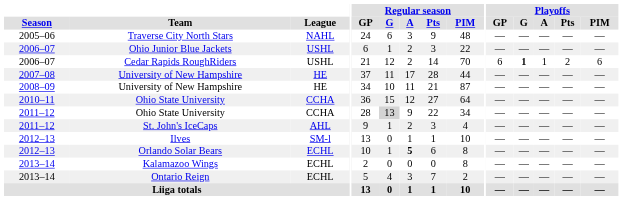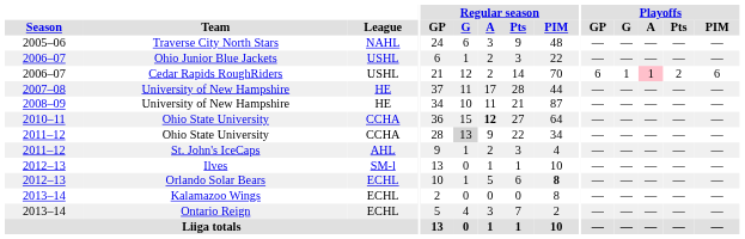 <table border="0" cellpadding="1" cellspacing="0" style="text-align:center; width:60em">
 <tr bgcolor="#e0e0e0">
 <th colspan="3" bgcolor="#ffffff"></th>
 <th rowspan="99" bgcolor="#ffffff"></th>
 <th colspan="5"><a href='#'>Regular season</a></th>
 <th rowspan="99" bgcolor="#ffffff"></th>
 <th colspan="5"><a href='#'>Playoffs</a></th>
 </tr>
 <tr bgcolor="#e0e0e0">
 <th><a href='#'>Season</a></th>
 <th>Team</th>
 <th>League</th>
 <th>GP</th>
 <th><a href='#'>G</a></th>
 <th><a href='#'>A</a></th>
 <th><a href='#'>Pts</a></th>
 <th><a href='#'>PIM</a></th>
 <th>GP</th>
 <th>G</th>
 <th>A</th>
 <th>Pts</th>
 <th>PIM</th>
 </tr>
 <tr>
 <td>2005–06</td>
 <td><a href='#'>Traverse City North Stars</a></td>
 <td><a href='#'>NAHL</a></td>
 <td>24</td>
 <td>6</td>
 <td>3</td>
 <td>9</td>
 <td>48</td>
 <td>—</td>
 <td>—</td>
 <td>—</td>
 <td>—</td>
 <td>—</td>
 </tr>
 <tr style="background:#f0f0f0;">
 <td><a href='#'>2006–07</a></td>
 <td><a href='#'>Ohio Junior Blue Jackets</a></td>
 <td><a href='#'>USHL</a></td>
 <td>6</td>
 <td>1</td>
 <td>2</td>
 <td>3</td>
 <td>22</td>
 <td>—</td>
 <td>—</td>
 <td>—</td>
 <td>—</td>
 <td>—</td>
 </tr>
 <tr>
 <td>2006–07</td>
 <td><a href='#'>Cedar Rapids RoughRiders</a></td>
 <td>USHL</td>
 <td>21</td>
 <td>12</td>
 <td>2</td>
 <td>14</td>
 <td>70</td>
 <td>6</td>
-<td><strong>1</strong></td>
 <td>1</td>
+<td style="background: pink;">1</td>
 <td>2</td>
 <td>6</td>
 </tr>
 <tr style="background:#f0f0f0;">
 <td><a href='#'>2007–08</a></td>
 <td><a href='#'>University of New Hampshire</a></td>
 <td><a href='#'>HE</a></td>
 <td>37</td>
 <td>11</td>
 <td>17</td>
 <td>28</td>
 <td>44</td>
 <td>—</td>
 <td>—</td>
 <td>—</td>
 <td>—</td>
 <td>—</td>
 </tr>
 <tr>
 <td><a href='#'>2008–09</a></td>
 <td>University of New Hampshire</td>
 <td>HE</td>
 <td>34</td>
 <td>10</td>
 <td>11</td>
 <td>21</td>
 <td>87</td>
 <td>—</td>
 <td>—</td>
 <td>—</td>
 <td>—</td>
 <td>—</td>
 </tr>
 <tr style="background:#f0f0f0;">
 <td><a href='#'>2010–11</a></td>
 <td><a href='#'>Ohio State University</a></td>
 <td><a href='#'>CCHA</a></td>
 <td>36</td>
 <td>15</td>
-<td>12</td>
+<td><strong>12</strong></td>
 <td>27</td>
 <td>64</td>
 <td>—</td>
 <td>—</td>
 <td>—</td>
 <td>—</td>
 <td>—</td>
 </tr>
 <tr>
 <td><a href='#'>2011–12</a></td>
 <td>Ohio State University</td>
 <td>CCHA</td>
 <td>28</td>
 <td style="background: lightgrey;">13</td>
 <td>9</td>
 <td>22</td>
 <td>34</td>
 <td>—</td>
 <td>—</td>
 <td>—</td>
 <td>—</td>
 <td>—</td>
 </tr>
 <tr style="background:#f0f0f0;">
 <td><a href='#'>2011–12</a></td>
 <td><a href='#'>St. John's IceCaps</a></td>
 <td><a href='#'>AHL</a></td>
 <td>9</td>
 <td>1</td>
 <td>2</td>
 <td>3</td>
 <td>4</td>
 <td>—</td>
 <td>—</td>
 <td>—</td>
 <td>—</td>
 <td>—</td>
 </tr>
 <tr>
 <td><a href='#'>2012–13</a></td>
 <td><a href='#'>Ilves</a></td>
 <td><a href='#'>SM-l</a></td>
 <td>13</td>
 <td>0</td>
 <td>1</td>
 <td>1</td>
 <td>10</td>
 <td>—</td>
 <td>—</td>
 <td>—</td>
 <td>—</td>
 <td>—</td>
 </tr>
 <tr style="background:#f0f0f0;">
 <td><a href='#'>2012–13</a></td>
 <td><a href='#'>Orlando Solar Bears</a></td>
 <td><a href='#'>ECHL</a></td>
 <td>10</td>
 <td>1</td>
-<td><strong>5</strong></td>
+<td>5</td>
 <td>6</td>
-<td>8</td>
+<td><strong>8</strong></td>
 <td>—</td>
 <td>—</td>
 <td>—</td>
 <td>—</td>
 <td>—</td>
 </tr>
 <tr>
 <td><a href='#'>2013–14</a></td>
 <td><a href='#'>Kalamazoo Wings</a></td>
 <td>ECHL</td>
 <td>2</td>
 <td>0</td>
 <td>0</td>
 <td>0</td>
 <td>8</td>
 <td>—</td>
 <td>—</td>
 <td>—</td>
 <td>—</td>
 <td>—</td>
 </tr>
 <tr style="background:#f0f0f0;">
 <td>2013–14</td>
 <td><a href='#'>Ontario Reign</a></td>
 <td>ECHL</td>
 <td>5</td>
 <td>4</td>
 <td>3</td>
 <td>7</td>
 <td>2</td>
 <td>—</td>
 <td>—</td>
 <td>—</td>
 <td>—</td>
 <td>—</td>
 </tr>
 <tr bgcolor="#e0e0e0">
 <th colspan="3">Liiga totals</th>
 <th>13</th>
 <th>0</th>
 <th>1</th>
 <th>1</th>
 <th>10</th>
 <th>—</th>
 <th>—</th>
 <th>—</th>
 <th>—</th>
 <th>—</th>
 </tr>
 </table>
